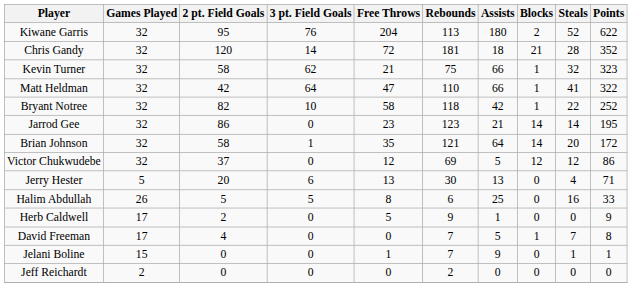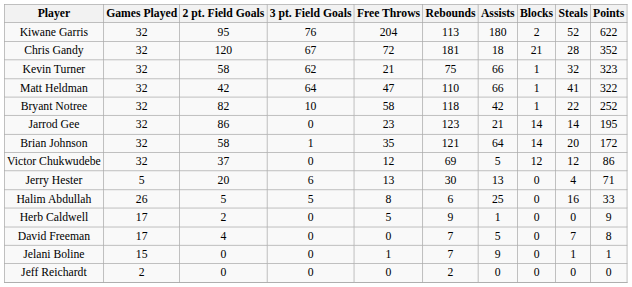 <table class="wikitable sortable" style="text-align:center">
 <tr>
 <th>Player</th>
 <th>Games Played</th>
 <th>2 pt. Field Goals</th>
 <th>3 pt. Field Goals</th>
 <th>Free Throws</th>
 <th>Rebounds</th>
 <th>Assists</th>
 <th>Blocks</th>
 <th>Steals</th>
 <th>Points</th>
 </tr>
 <tr align="center" bgcolor="">
 <td>Kiwane Garris</td>
 <td>32</td>
 <td>95</td>
 <td>76</td>
 <td>204</td>
 <td>113</td>
 <td>180</td>
 <td>2</td>
 <td>52</td>
 <td>622</td>
 </tr>
 <tr align="center" bgcolor="">
 <td>Chris Gandy</td>
 <td>32</td>
 <td>120</td>
-<td>14</td>
+<td>67</td>
 <td>72</td>
 <td>181</td>
 <td>18</td>
 <td>21</td>
 <td>28</td>
 <td>352</td>
 </tr>
 <tr align="center" bgcolor="">
 <td>Kevin Turner</td>
 <td>32</td>
 <td>58</td>
 <td>62</td>
 <td>21</td>
 <td>75</td>
 <td>66</td>
 <td>1</td>
 <td>32</td>
 <td>323</td>
 </tr>
 <tr align="center" bgcolor="">
 <td>Matt Heldman</td>
 <td>32</td>
 <td>42</td>
 <td>64</td>
 <td>47</td>
 <td>110</td>
 <td>66</td>
 <td>1</td>
 <td>41</td>
 <td>322</td>
 </tr>
 <tr align="center" bgcolor="">
 <td>Bryant Notree</td>
 <td>32</td>
 <td>82</td>
 <td>10</td>
 <td>58</td>
 <td>118</td>
 <td>42</td>
 <td>1</td>
 <td>22</td>
 <td>252</td>
 </tr>
 <tr align="center" bgcolor="">
 <td>Jarrod Gee</td>
 <td>32</td>
 <td>86</td>
 <td>0</td>
 <td>23</td>
 <td>123</td>
 <td>21</td>
 <td>14</td>
 <td>14</td>
 <td>195</td>
 </tr>
 <tr align="center" bgcolor="">
 <td>Brian Johnson</td>
 <td>32</td>
 <td>58</td>
 <td>1</td>
 <td>35</td>
 <td>121</td>
 <td>64</td>
 <td>14</td>
 <td>20</td>
 <td>172</td>
 </tr>
 <tr align="center" bgcolor="">
 <td>Victor Chukwudebe</td>
 <td>32</td>
 <td>37</td>
 <td>0</td>
 <td>12</td>
 <td>69</td>
 <td>5</td>
 <td>12</td>
 <td>12</td>
 <td>86</td>
 </tr>
 <tr align="center" bgcolor="">
 <td>Jerry Hester</td>
 <td>5</td>
 <td>20</td>
 <td>6</td>
 <td>13</td>
 <td>30</td>
 <td>13</td>
 <td>0</td>
 <td>4</td>
 <td>71</td>
 </tr>
 <tr align="center" bgcolor="">
 <td>Halim Abdullah</td>
 <td>26</td>
 <td>5</td>
 <td>5</td>
 <td>8</td>
 <td>6</td>
 <td>25</td>
 <td>0</td>
 <td>16</td>
 <td>33</td>
 </tr>
 <tr align="center" bgcolor="">
 <td>Herb Caldwell</td>
 <td>17</td>
 <td>2</td>
 <td>0</td>
 <td>5</td>
 <td>9</td>
 <td>1</td>
 <td>0</td>
 <td>0</td>
 <td>9</td>
 </tr>
 <tr align="center" bgcolor="">
 <td>David Freeman</td>
 <td>17</td>
 <td>4</td>
 <td>0</td>
 <td>0</td>
 <td>7</td>
 <td>5</td>
-<td>1</td>
+<td>0</td>
 <td>7</td>
 <td>8</td>
 </tr>
 <tr align="center" bgcolor="">
 <td>Jelani Boline</td>
 <td>15</td>
 <td>0</td>
 <td>0</td>
 <td>1</td>
 <td>7</td>
 <td>9</td>
 <td>0</td>
 <td>1</td>
 <td>1</td>
 </tr>
 <tr align="center" bgcolor="">
 <td>Jeff Reichardt</td>
 <td>2</td>
 <td>0</td>
 <td>0</td>
 <td>0</td>
 <td>2</td>
 <td>0</td>
 <td>0</td>
 <td>0</td>
 <td>0</td>
 </tr>
 <tr align="center" bgcolor="">
 </tr>
 </table>
